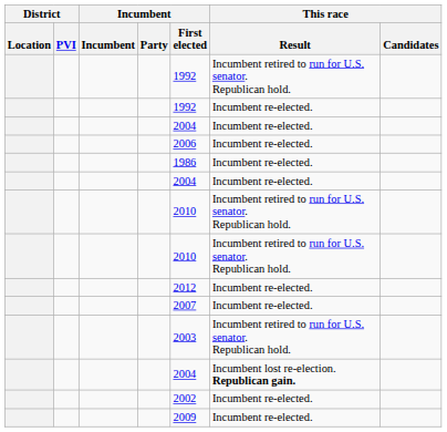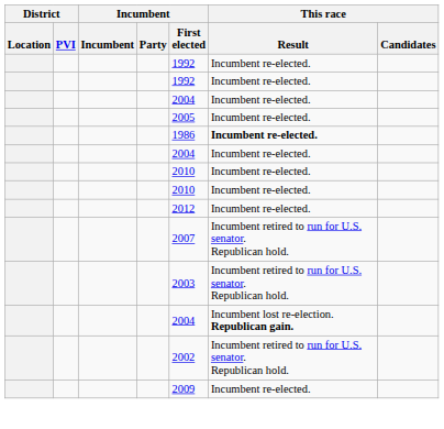 <table class="wikitable sortable">
 <tr valign=bottom>
 <th colspan=2>District</th>
 <th colspan=3>Incumbent</th>
 <th colspan=2>This race</th>
 </tr>
 <tr valign=bottom>
 <th>Location</th>
 <th><a href='#'>PVI</a></th>
 <th>Incumbent</th>
 <th>Party</th>
 <th>First<br>elected</th>
 <th>Result</th>
 <th>Candidates</th>
 </tr>
 <tr>
 <th></th>
 <td></td>
 <td></td>
 <td></td>
 <td><a href='#'>1992</a></td>
-<td>Incumbent retired to <a href='#'>run for U.S. senator</a>.<br>Republican hold.</td>
+<td>Incumbent re-elected.</td>
 <td nowrap></td>
 </tr>
 <tr>
 <th></th>
 <td></td>
 <td></td>
 <td></td>
 <td><a href='#'>1992</a></td>
 <td>Incumbent re-elected.</td>
 <td nowrap></td>
 </tr>
 <tr>
 <th></th>
 <td></td>
 <td></td>
 <td></td>
 <td><a href='#'>2004</a></td>
 <td>Incumbent re-elected.</td>
 <td nowrap></td>
 </tr>
 <tr>
 <th></th>
 <td></td>
 <td></td>
 <td></td>
-<td><a href='#'>2006</a></td>
+<td><a href='#'>2005</a></td>
 <td>Incumbent re-elected.</td>
 <td nowrap></td>
 </tr>
 <tr>
 <th></th>
 <td></td>
 <td></td>
 <td></td>
 <td><a href='#'>1986</a></td>
-<td>Incumbent re-elected.</td>
+<td><strong>Incumbent re-elected.</strong></td>
 <td nowrap></td>
 </tr>
 <tr>
 <th></th>
 <td></td>
 <td></td>
 <td></td>
 <td><a href='#'>2004</a></td>
 <td>Incumbent re-elected.</td>
 <td nowrap></td>
 </tr>
 <tr>
 <th></th>
 <td></td>
 <td></td>
 <td></td>
 <td><a href='#'>2010</a></td>
-<td>Incumbent retired to <a href='#'>run for U.S. senator</a>.<br>Republican hold.</td>
+<td>Incumbent re-elected.</td>
 <td nowrap></td>
 </tr>
 <tr>
 <th></th>
 <td></td>
 <td></td>
 <td></td>
 <td><a href='#'>2010</a></td>
-<td>Incumbent retired to <a href='#'>run for U.S. senator</a>.<br>Republican hold.</td>
+<td>Incumbent re-elected.</td>
 <td nowrap></td>
 </tr>
 <tr>
 <th></th>
 <td></td>
 <td></td>
 <td></td>
 <td><a href='#'>2012</a></td>
 <td>Incumbent re-elected.</td>
 <td nowrap></td>
 </tr>
 <tr>
 <th></th>
 <td></td>
 <td></td>
 <td></td>
 <td><a href='#'>2007 </a></td>
-<td>Incumbent re-elected.</td>
+<td>Incumbent retired to <a href='#'>run for U.S. senator</a>.<br>Republican hold.</td>
 <td nowrap></td>
 </tr>
 <tr>
 <th></th>
 <td></td>
 <td></td>
 <td></td>
 <td><a href='#'>2003</a></td>
 <td>Incumbent retired to <a href='#'>run for U.S. senator</a>.<br>Republican hold.</td>
 <td nowrap></td>
 </tr>
 <tr>
 <th></th>
 <td></td>
 <td></td>
 <td></td>
 <td><a href='#'>2004</a></td>
 <td>Incumbent lost re-election.<br><strong>Republican gain.</strong></td>
 <td nowrap></td>
 </tr>
 <tr>
 <th></th>
 <td></td>
 <td></td>
 <td></td>
 <td><a href='#'>2002</a></td>
-<td>Incumbent re-elected.</td>
+<td>Incumbent retired to <a href='#'>run for U.S. senator</a>.<br>Republican hold.</td>
 <td nowrap></td>
 </tr>
 <tr>
 <th></th>
 <td></td>
 <td></td>
 <td></td>
 <td><a href='#'>2009 </a></td>
 <td>Incumbent re-elected.</td>
 <td nowrap></td>
 </tr>
 </table>
